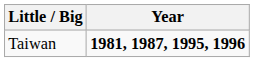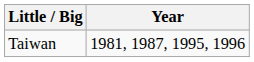 <table class="wikitable">
 <tr>
 <th>Little / Big</th>
 <th>Year</th>
 </tr>
 <tr>
 <td> Taiwan</td>
-<td><strong>1981, 1987, 1995, 1996</strong></td>
+<td>1981, 1987, 1995, 1996</td>
 </tr>
 </table>
